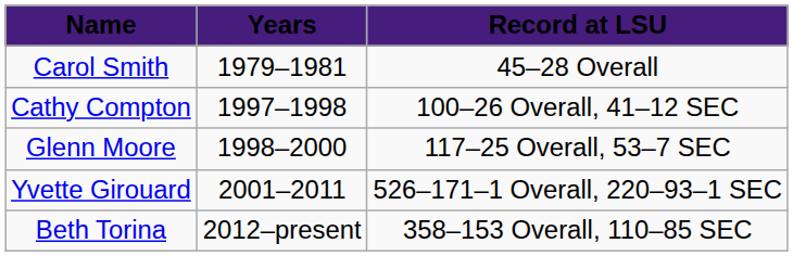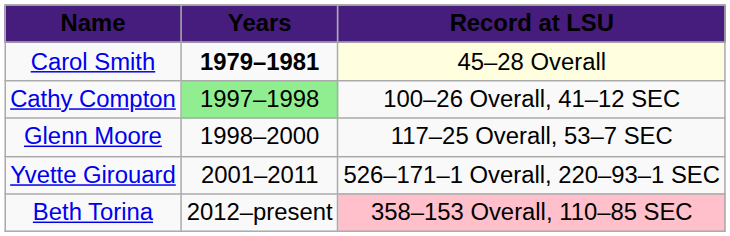 <table class="wikitable sortable" style="margin: 1em auto 1em auto">
 <tr>
 <th style="background:#461d7c; text-align:center;"><span>Name</span></th>
 <th style="background:#461d7c; text-align:center;"><span>Years</span></th>
 <th style="background:#461d7c; text-align:center;"><span>Record at LSU</span></th>
 </tr>
 <tr style="text-align:center;">
 <td><a href='#'>Carol Smith</a></td>
-<td>1979–1981</td>
-<td>45–28 Overall</td>
+<td><strong>1979–1981</strong></td>
+<td style="background: lightyellow;">45–28 Overall</td>
 </tr>
 <tr style="text-align:center;">
 <td><a href='#'>Cathy Compton</a></td>
-<td>1997–1998</td>
+<td style="background: lightgreen;">1997–1998</td>
 <td>100–26 Overall, 41–12 SEC</td>
 </tr>
 <tr style="text-align:center;">
 <td><a href='#'>Glenn Moore</a></td>
 <td>1998–2000</td>
 <td>117–25 Overall, 53–7 SEC</td>
 </tr>
 <tr style="text-align:center;">
 <td><a href='#'>Yvette Girouard</a></td>
 <td>2001–2011</td>
 <td>526–171–1 Overall, 220–93–1 SEC</td>
 </tr>
 <tr style="text-align:center;">
 <td><a href='#'>Beth Torina</a></td>
 <td>2012–present</td>
-<td>358–153 Overall, 110–85 SEC</td>
+<td style="background: pink;">358–153 Overall, 110–85 SEC</td>
 </tr>
 </table>
